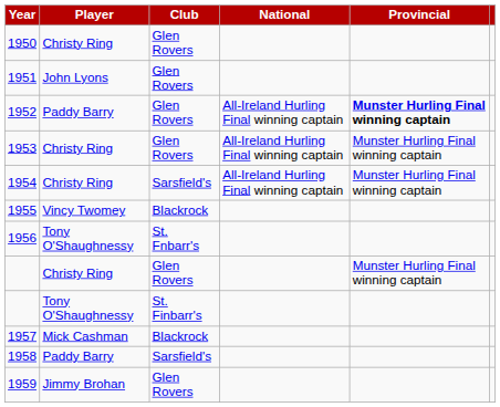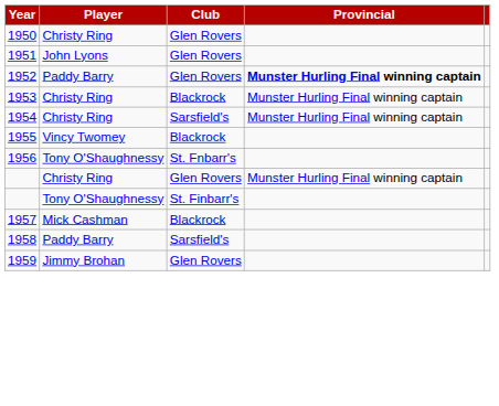 <table class="wikitable">
 <tr style="text-align:center;background:#B60000;color:white">
 <td><strong>Year</strong></td>
 <td><strong>Player</strong></td>
 <td><strong>Club</strong></td>
-<td><strong>National</strong></td>
 <td><strong>Provincial</strong></td>
 <td></td>
 </tr>
 <tr>
 <td style="text-align:left;"><a href='#'>1950</a></td>
 <td style="text-align:left;"><a href='#'>Christy Ring</a></td>
 <td style="text-align:left;"><a href='#'>Glen Rovers</a></td>
 <td></td>
 <td></td>
-<td></td>
 </tr>
 <tr>
 <td style="text-align:left;"><a href='#'>1951</a></td>
 <td style="text-align:left;"><a href='#'>John Lyons</a></td>
 <td style="text-align:left;"><a href='#'>Glen Rovers</a></td>
 <td></td>
 <td></td>
-<td></td>
 </tr>
 <tr>
 <td style="text-align:left;"><a href='#'>1952</a></td>
 <td style="text-align:left;"><a href='#'>Paddy Barry</a></td>
 <td style="text-align:left;"><a href='#'>Glen Rovers</a></td>
-<td style="text-align:left;"><a href='#'>All-Ireland Hurling Final</a> winning captain</td>
 <td style="text-align:left;"><strong><a href='#'>Munster Hurling Final</a> winning captain</strong></td>
 <td></td>
 </tr>
 <tr>
 <td style="text-align:left;"><a href='#'>1953</a></td>
 <td style="text-align:left;"><a href='#'>Christy Ring</a></td>
-<td style="text-align:left;"><a href='#'>Glen Rovers</a></td>
-<td style="text-align:left;"><a href='#'>All-Ireland Hurling Final</a> winning captain</td>
+<td style="text-align:left;"><a href='#'>Blackrock</a></td>
 <td style="text-align:left;"><a href='#'>Munster Hurling Final</a> winning captain</td>
 <td></td>
 </tr>
 <tr>
 <td style="text-align:left;"><a href='#'>1954</a></td>
 <td style="text-align:left;"><a href='#'>Christy Ring</a></td>
 <td style="text-align:left;"><a href='#'>Sarsfield's</a></td>
-<td style="text-align:left;"><a href='#'>All-Ireland Hurling Final</a> winning captain</td>
 <td style="text-align:left;"><a href='#'>Munster Hurling Final</a> winning captain</td>
 <td></td>
 </tr>
 <tr>
 <td style="text-align:left;"><a href='#'>1955</a></td>
 <td style="text-align:left;"><a href='#'>Vincy Twomey</a></td>
 <td style="text-align:left;"><a href='#'>Blackrock</a></td>
 <td></td>
 <td></td>
-<td></td>
 </tr>
 <tr>
 <td style="text-align:left;"><a href='#'>1956</a></td>
 <td style="text-align:left;"><a href='#'>Tony O'Shaughnessy</a></td>
 <td style="text-align:left;"><a href='#'>St. Fnbarr's</a></td>
 <td></td>
 <td></td>
-<td></td>
 </tr>
 <tr>
 <td></td>
 <td style="text-align:left;"><a href='#'>Christy Ring</a></td>
 <td style="text-align:left;"><a href='#'>Glen Rovers</a></td>
-<td></td>
 <td><a href='#'>Munster Hurling Final</a> winning captain</td>
 <td></td>
 </tr>
 <tr>
 <td></td>
 <td style="text-align:left;"><a href='#'>Tony O'Shaughnessy</a></td>
 <td style="text-align:left;"><a href='#'>St. Finbarr's</a></td>
 <td></td>
 <td></td>
-<td></td>
 </tr>
 <tr>
 <td style="text-align:left;"><a href='#'>1957</a></td>
 <td style="text-align:left;"><a href='#'>Mick Cashman</a></td>
 <td style="text-align:left;"><a href='#'>Blackrock</a></td>
-<td></td>
 <td></td>
 <td></td>
 </tr>
 <tr>
 <td style="text-align:left;"><a href='#'>1958</a></td>
 <td style="text-align:left;"><a href='#'>Paddy Barry</a></td>
 <td style="text-align:left;"><a href='#'>Sarsfield's</a></td>
 <td></td>
 <td></td>
-<td></td>
 </tr>
 <tr>
 <td style="text-align:left;"><a href='#'>1959</a></td>
 <td style="text-align:left;"><a href='#'>Jimmy Brohan</a></td>
 <td style="text-align:left;"><a href='#'>Glen Rovers</a></td>
 <td></td>
 <td></td>
-<td></td>
 </tr>
 </table>
